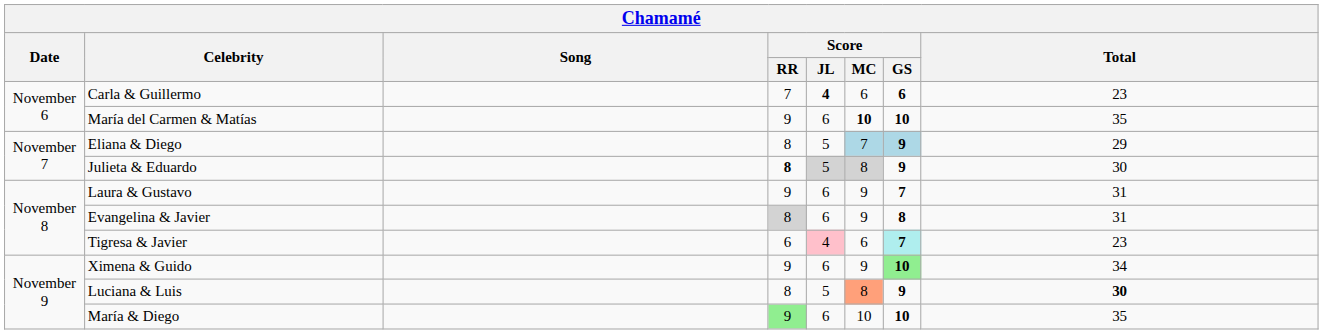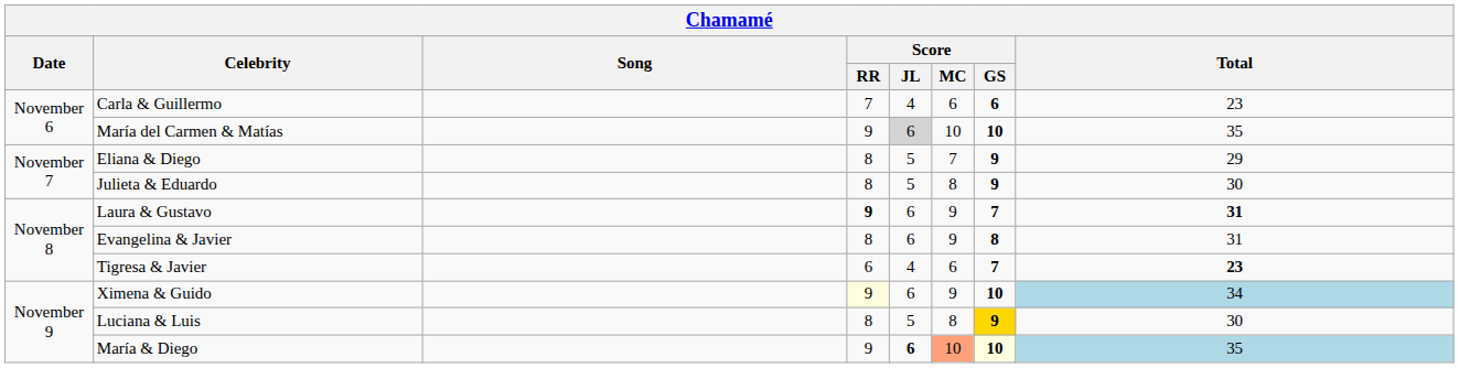 <table class="wikitable collapsible collapsed" style="font-size:90%; text-align: center; width: 100%;">
 <tr>
 <th colspan="11" style="with: 95%;"><big><a href='#'>Chamamé</a></big></th>
 </tr>
 <tr>
 <th width=70 rowspan="2">Date</th>
 <th width=280 rowspan="2">Celebrity</th>
 <th rowspan="2">Song</th>
 <th colspan="4">Score</th>
 <th rowspan="2">Total</th>
 </tr>
 <tr>
 <th width=30>RR</th>
 <th width=30>JL</th>
 <th width=30>MC</th>
 <th width=30>GS</th>
 </tr>
 <tr>
 <td rowspan="2">November 6</td>
 <td style="text-align:left;">Carla & Guillermo</td>
 <td></td>
 <td>7</td>
-<td><strong>4</strong></td>
+<td>4</td>
 <td>6</td>
 <td><strong>6</strong></td>
 <td>23</td>
 </tr>
 <tr>
 <td style="text-align:left;">María del Carmen & Matías</td>
 <td></td>
 <td>9</td>
-<td>6</td>
-<td><strong>10</strong></td>
+<td style="background: lightgrey;">6</td>
+<td>10</td>
 <td><strong>10</strong></td>
 <td>35</td>
 </tr>
 <tr>
 <td rowspan="2">November 7</td>
 <td style="text-align:left;">Eliana & Diego</td>
 <td></td>
 <td>8</td>
 <td>5</td>
-<td style="background: lightblue;">7</td>
-<td style="background: lightblue;"><strong>9</strong></td>
+<td>7</td>
+<td><strong>9</strong></td>
 <td>29</td>
 </tr>
 <tr>
 <td style="text-align:left;">Julieta & Eduardo</td>
 <td></td>
-<td><strong>8</strong></td>
-<td style="background: lightgrey;">5</td>
-<td style="background: lightgrey;">8</td>
+<td>8</td>
+<td>5</td>
+<td>8</td>
 <td><strong>9</strong></td>
 <td>30</td>
 </tr>
 <tr>
 <td rowspan="3">November 8</td>
 <td style="text-align:left;">Laura & Gustavo</td>
 <td></td>
-<td>9</td>
+<td><strong>9</strong></td>
 <td>6</td>
 <td>9</td>
 <td><strong>7</strong></td>
-<td>31</td>
+<td><strong>31</strong></td>
 </tr>
 <tr>
 <td style="text-align:left;">Evangelina & Javier</td>
 <td></td>
-<td style="background: lightgrey;">8</td>
+<td>8</td>
 <td>6</td>
 <td>9</td>
 <td><strong>8</strong></td>
 <td>31</td>
 </tr>
 <tr>
 <td style="text-align:left;">Tigresa & Javier</td>
 <td></td>
 <td>6</td>
-<td style="background: pink;">4</td>
+<td>4</td>
 <td>6</td>
-<td style="background: paleturquoise;"><strong>7</strong></td>
-<td>23</td>
+<td><strong>7</strong></td>
+<td><strong>23</strong></td>
 </tr>
 <tr>
 <td rowspan="3">November 9</td>
 <td style="text-align:left;">Ximena & Guido</td>
 <td></td>
-<td>9</td>
+<td style="background: lightyellow;">9</td>
 <td>6</td>
 <td>9</td>
-<td style="background: lightgreen;"><strong>10</strong></td>
-<td>34</td>
+<td><strong>10</strong></td>
+<td style="background: lightblue;">34</td>
 </tr>
 <tr>
 <td style="text-align:left;">Luciana & Luis</td>
 <td></td>
 <td>8</td>
 <td>5</td>
-<td style="background: lightsalmon;">8</td>
-<td><strong>9</strong></td>
-<td><strong>30</strong></td>
+<td>8</td>
+<td style="background: gold;"><strong>9</strong></td>
+<td>30</td>
 </tr>
 <tr>
 <td style="text-align:left;">María & Diego</td>
 <td></td>
-<td style="background: lightgreen;">9</td>
-<td>6</td>
-<td>10</td>
-<td><strong>10</strong></td>
-<td>35</td>
+<td>9</td>
+<td><strong>6</strong></td>
+<td style="background: lightsalmon;">10</td>
+<td style="background: lightyellow;"><strong>10</strong></td>
+<td style="background: lightblue;">35</td>
 </tr>
 </table>
